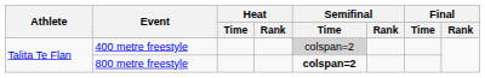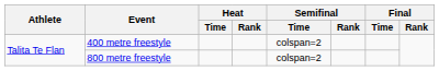 <table class="wikitable" style="text-align:center; font-size:90%; width:50%;">
 <tr>
 <th rowspan="2">Athlete</th>
 <th rowspan="2">Event</th>
 <th colspan="2">Heat</th>
 <th colspan="2">Semifinal</th>
 <th colspan="2">Final</th>
 </tr>
 <tr style="font-size:95%">
 <th>Time</th>
 <th>Rank</th>
 <th>Time</th>
 <th>Rank</th>
 <th>Time</th>
 <th>Rank</th>
 </tr>
 <tr>
 <td align=left rowspan=2><a href='#'>Talita Te Flan</a></td>
 <td align=left><a href='#'>400 metre freestyle</a></td>
 <td></td>
 <td></td>
-<td style="background: lightgrey;">colspan=2</td>
+<td>colspan=2</td>
 <td></td>
 <td></td>
 </tr>
 <tr>
 <td align=left><a href='#'>800 metre freestyle</a></td>
 <td></td>
 <td></td>
-<td><strong>colspan=2</strong></td>
+<td>colspan=2</td>
 <td></td>
 <td></td>
 </tr>
 </table>
